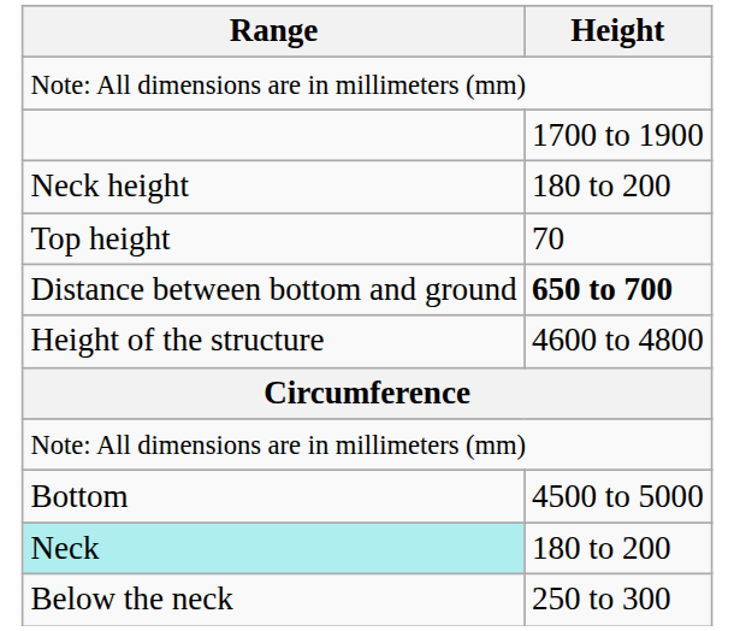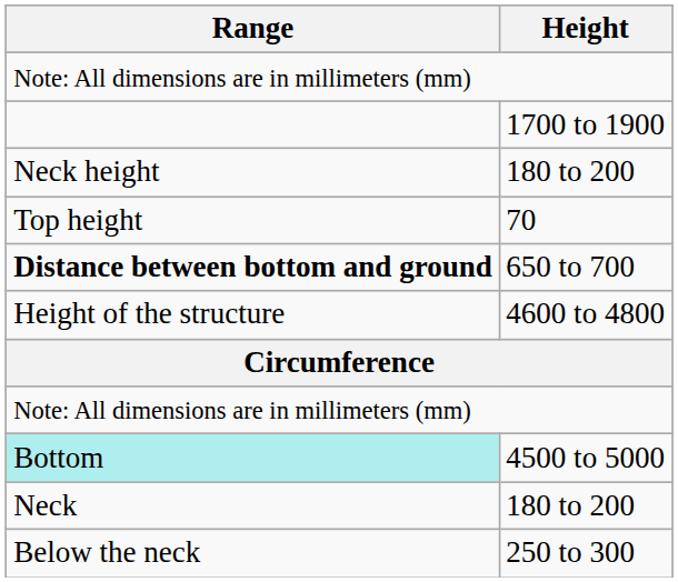 <table class="wikitable mw-collapsible mw-collapsed" style="margin-left: auto; margin-right: auto; border: none;">
 <tr>
 <th>Range</th>
 <th>Height</th>
 </tr>
 <tr>
 <td colspan="3"><small>Note: All dimensions are in millimeters (mm)</small></td>
 </tr>
 <tr>
 <td></td>
 <td>1700 to 1900</td>
 </tr>
 <tr>
 <td>Neck height</td>
 <td>180 to 200</td>
 </tr>
 <tr>
 <td>Top height</td>
 <td>70</td>
 </tr>
 <tr>
-<td>Distance between bottom and ground</td>
-<td><strong>650 to 700</strong></td>
+<td><strong>Distance between bottom and ground</strong></td>
+<td>650 to 700</td>
 </tr>
 <tr>
 <td>Height of the structure</td>
 <td>4600 to 4800</td>
 </tr>
 <tr>
 <th colspan="2">Circumference</th>
 </tr>
 <tr>
 <td colspan="3"><small>Note: All dimensions are in millimeters (mm)</small></td>
 </tr>
 <tr>
-<td>Bottom</td>
+<td style="background: paleturquoise;">Bottom</td>
 <td>4500 to 5000</td>
 </tr>
 <tr>
-<td style="background: paleturquoise;">Neck</td>
+<td>Neck</td>
 <td>180 to 200</td>
 </tr>
 <tr>
 <td>Below the neck</td>
 <td>250 to 300</td>
 </tr>
 <tr>
 </tr>
 </table>
